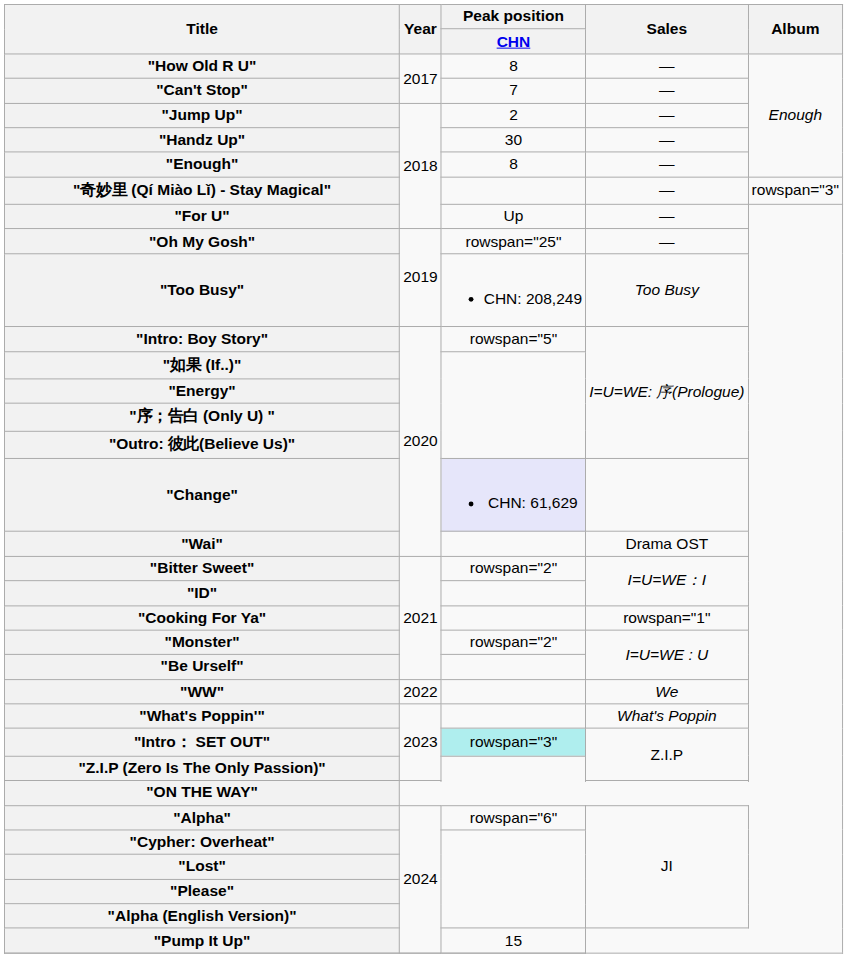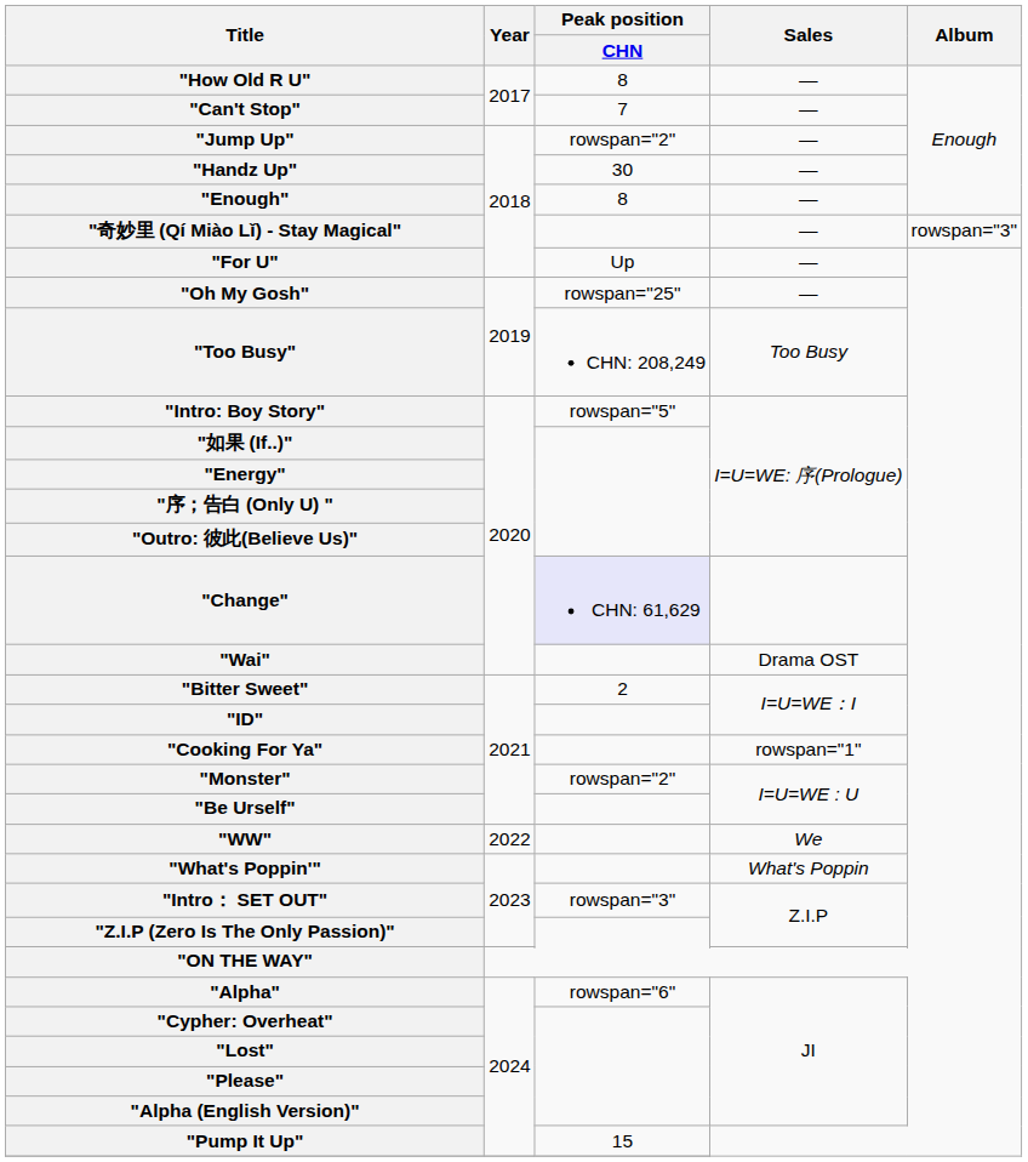 <table class="wikitable plainrowheaders" style="text-align:center;">
 <tr>
 <th rowspan="2" scope="col" style="width:25em;">Title</th>
 <th rowspan="2" scope="col">Year</th>
 <th colspan="1" scope="col">Peak position</th>
 <th rowspan="2">Sales</th>
 <th rowspan="2">Album</th>
 </tr>
 <tr>
 <th><a href='#'>CHN</a></th>
 </tr>
 <tr>
 <th scope="row">"How Old R U"</th>
 <td rowspan="2">2017</td>
 <td>8</td>
 <td>—</td>
 <td rowspan="5"><em>Enough</em></td>
 </tr>
 <tr>
 <th scope="row">"Can't Stop"</th>
 <td>7</td>
 <td>—</td>
 </tr>
 <tr>
 <th scope="row">"Jump Up"</th>
 <td rowspan="5">2018</td>
-<td>2</td>
+<td>rowspan="2" </td>
 <td>—</td>
 </tr>
 <tr>
 <th scope="row">"Handz Up"</th>
 <td>30</td>
 <td>—</td>
 </tr>
 <tr>
 <th scope="row">"Enough"</th>
 <td>8</td>
 <td>—</td>
 </tr>
 <tr>
 <th scope="row">"奇妙里 (Qí Miào Lǐ) - Stay Magical"</th>
 <td></td>
 <td>—</td>
 <td>rowspan="3" </td>
 </tr>
 <tr>
 <th scope="row">"For U"</th>
 <td></em>Up<em></td>
 <td>—</td>
 </tr>
 <tr>
 <th scope="row">"Oh My Gosh"</th>
 <td rowspan="2">2019</td>
 <td>rowspan="25" </td>
 <td>—</td>
 </tr>
 <tr>
 <th scope="row">"Too Busy"</th>
 <td><br><ul><li>CHN: 208,249</li></ul></td>
 <td><em>Too Busy</em></td>
 </tr>
 <tr>
 <th scope="row">"Intro: Boy Story"</th>
 <td rowspan="7">2020</td>
 <td>rowspan="5" </td>
 <td rowspan="5"><em>I=U=WE: 序(Prologue)</em></td>
 </tr>
 <tr>
 <th scope="row">"如果 (If..)"</th>
 </tr>
 <tr>
 <th scope="row">"Energy"</th>
 </tr>
 <tr>
 <th scope="row">"序；告白 (Only U) "</th>
 </tr>
 <tr>
 <th scope="row">"Outro: 彼此(Believe Us)"</th>
 </tr>
 <tr>
 <th scope="row">"Change"</th>
 <td style="background: lavender;"><br><ul><li>CHN: 61,629</li></ul></td>
 <td></td>
 </tr>
 <tr>
 <th scope="row">"Wai"</th>
 <td></td>
 <td>Drama OST</td>
 </tr>
 <tr>
 <th scope="row">"Bitter Sweet"</th>
 <td rowspan="5">2021</td>
-<td>rowspan="2" </td>
+<td>2</td>
 <td rowspan="2"><em>I=U=WE：I</em></td>
 </tr>
 <tr>
 <th scope="row">"ID"</th>
 </tr>
 <tr>
 <th scope="row">"Cooking For Ya"</th>
 <td></td>
 <td>rowspan="1"</td>
 </tr>
 <tr>
 <th scope="row">"Monster"</th>
 <td>rowspan="2" </td>
 <td rowspan="2"><em>I=U=WE : U</em></td>
 </tr>
 <tr>
 <th scope="row">"Be Urself"</th>
 </tr>
 <tr>
 <th scope="row">"WW"</th>
 <td>2022</td>
 <td></td>
 <td><em>We</em></td>
 </tr>
 <tr>
 <th scope="row">"What's Poppin'"</th>
 <td rowspan="4">2023</td>
 <td></td>
 <td><em>What's Poppin<strong></td>
 </tr>
 <tr>
 <th scope="row">"Intro： SET OUT"</th>
-<td style="background: paleturquoise;">rowspan="3" </td>
+<td>rowspan="3" </td>
 <td rowspan="3"></em>Z.I.P<em></td>
 </tr>
 <tr>
 <th scope="row">"Z.I.P (Zero Is The Only Passion)"</th>
 </tr>
 <tr>
 </tr>
 <tr>
 <th scope="row">"ON THE WAY"</th>
 </tr>
 <tr>
 <th scope="row">"Alpha"</th>
 <td rowspan="6">2024</td>
 <td>rowspan="6" </td>
 <td rowspan="5"></em>JI<em></td>
 </tr>
 <tr>
 <th scope="row">"Cypher: Overheat"</th>
 </tr>
 <tr>
 <th scope="row">"Lost"</th>
 </tr>
 <tr>
 <th scope="row">"Please"</th>
 </tr>
 <tr>
 <th scope="row">"Alpha (English Version)"</th>
 </tr>
 <tr>
 <th scope="row">"Pump It Up"</th>
 <td>15</td>
 </tr>
 <tr>
 </tr>
 </table>
